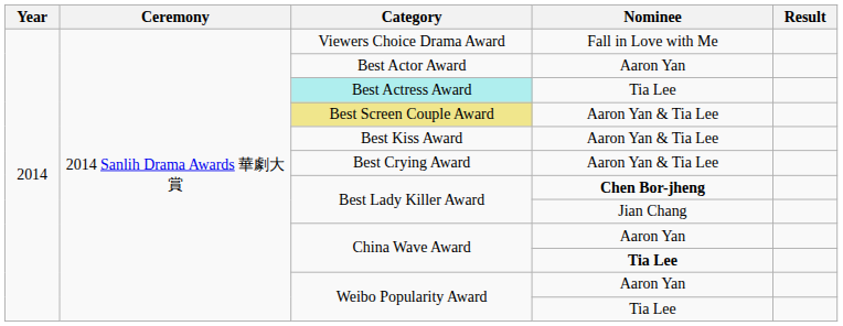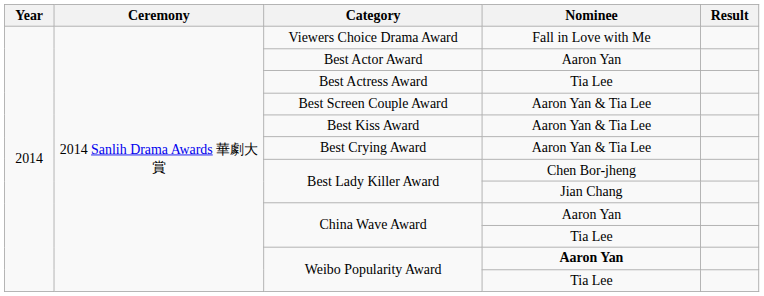 <table class="wikitable">
 <tr>
 <th style="width:50px;">Year</th>
 <th style="width:240px;">Ceremony</th>
 <th style="width:250px;">Category</th>
 <th style="width:250px;">Nominee</th>
 <th style="width:60px;">Result</th>
 </tr>
 <tr>
 <td align="center" rowspan=12>2014</td>
 <td align="center" rowspan=12>2014 <a href='#'>Sanlih Drama Awards</a> 華劇大賞<br></td>
 <td align="center">Viewers Choice Drama Award</td>
 <td align="center">Fall in Love with Me</td>
 <td></td>
 </tr>
 <tr>
 <td align="center">Best Actor Award</td>
 <td align="center">Aaron Yan</td>
 <td></td>
 </tr>
 <tr>
-<td align="center" style="background: paleturquoise;">Best Actress Award</td>
+<td align="center">Best Actress Award</td>
 <td align="center">Tia Lee</td>
 <td></td>
 </tr>
 <tr>
-<td align="center" style="background: khaki;">Best Screen Couple Award</td>
+<td align="center">Best Screen Couple Award</td>
 <td align="center">Aaron Yan & Tia Lee</td>
 <td></td>
 </tr>
 <tr>
 <td align="center">Best Kiss Award</td>
 <td align="center">Aaron Yan & Tia Lee</td>
 <td></td>
 </tr>
 <tr>
 <td align="center">Best Crying Award</td>
 <td align="center">Aaron Yan & Tia Lee</td>
 <td></td>
 </tr>
 <tr>
 <td rowspan=2 align="center">Best Lady Killer Award</td>
-<td align="center"><strong>Chen Bor-jheng</strong></td>
+<td align="center">Chen Bor-jheng</td>
 <td></td>
 </tr>
 <tr>
 <td align="center">Jian Chang</td>
 <td></td>
 </tr>
 <tr>
 <td rowspan=2 align="center">China Wave Award</td>
 <td align="center">Aaron Yan</td>
 <td></td>
 </tr>
 <tr>
-<td align="center"><strong>Tia Lee</strong></td>
+<td align="center">Tia Lee</td>
 <td></td>
 </tr>
 <tr>
 <td rowspan=2 align="center">Weibo Popularity Award</td>
-<td align="center">Aaron Yan</td>
+<td align="center"><strong>Aaron Yan</strong></td>
 <td></td>
 </tr>
 <tr>
 <td align="center">Tia Lee</td>
 <td></td>
 </tr>
 </table>
